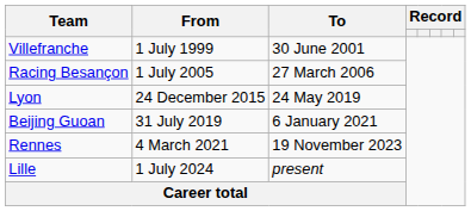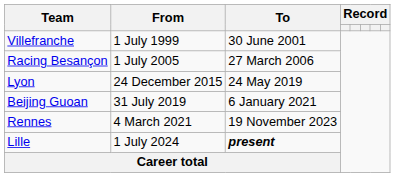 <table class="wikitable" style="text-align: center;">
 <tr>
 <th rowspan="2">Team</th>
 <th rowspan="2">From</th>
 <th rowspan="2">To</th>
 <th colspan="5">Record</th>
 </tr>
 <tr>
 <th></th>
 <th></th>
 <th></th>
 <th></th>
 <th></th>
 </tr>
 <tr>
 <td align="left"><a href='#'>Villefranche</a></td>
 <td align="left">1 July 1999</td>
 <td align="left">30 June 2001<br></td>
 </tr>
 <tr>
 <td align="left"><a href='#'>Racing Besançon</a></td>
 <td align="left">1 July 2005</td>
 <td align="left">27 March 2006<br></td>
 </tr>
 <tr>
 <td align="left"><a href='#'>Lyon</a></td>
 <td align="left">24 December 2015</td>
 <td align="left">24 May 2019<br></td>
 </tr>
 <tr>
 <td align="left"><a href='#'>Beijing Guoan</a></td>
 <td align="left">31 July 2019</td>
 <td align="left">6 January 2021<br></td>
 </tr>
 <tr>
 <td align="left"><a href='#'>Rennes</a></td>
 <td align="left">4 March 2021</td>
 <td align="left">19 November 2023<br></td>
 </tr>
 <tr>
 <td align="left"><a href='#'>Lille</a></td>
 <td align="left">1 July 2024</td>
-<td align="left"><em>present</em><br></td>
+<td align="left"><strong><em>present</em><br></strong></td>
 </tr>
 <tr>
 <th colspan="3">Career total<br></th>
 </tr>
 </table>
